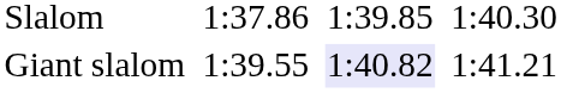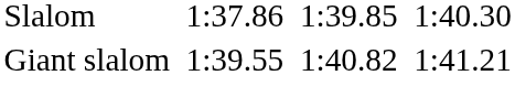 <table>
 <tr>
 <td>Slalom</td>
 <td></td>
 <td>1:37.86</td>
 <td></td>
 <td>1:39.85</td>
 <td></td>
 <td>1:40.30</td>
 </tr>
 <tr>
 <td>Giant slalom</td>
 <td></td>
 <td>1:39.55</td>
 <td></td>
-<td style="background: lavender;">1:40.82</td>
+<td>1:40.82</td>
 <td></td>
 <td>1:41.21</td>
 </tr>
 </table>
